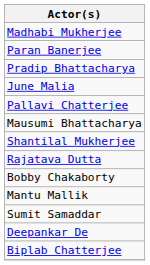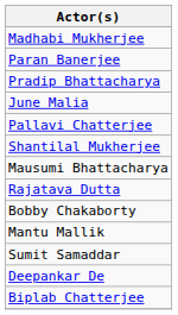 <table class="wikitable sortable">
 <tr>
 <th>Actor(s)</th>
 </tr>
 <tr>
 <td><a href='#'>Madhabi Mukherjee</a></td>
 </tr>
 <tr>
 <td><a href='#'>Paran Banerjee</a></td>
 </tr>
 <tr>
 <td><a href='#'>Pradip Bhattacharya</a></td>
 </tr>
 <tr>
 <td><a href='#'>June Malia</a></td>
 </tr>
 <tr>
 <td><a href='#'>Pallavi Chatterjee</a></td>
 </tr>
 <tr>
-<td>Mausumi Bhattacharya</td>
+<td><a href='#'>Shantilal Mukherjee</a></td>
 </tr>
 <tr>
-<td><a href='#'>Shantilal Mukherjee</a></td>
+<td>Mausumi Bhattacharya</td>
 </tr>
 <tr>
 <td><a href='#'>Rajatava Dutta</a></td>
 </tr>
 <tr>
 <td>Bobby Chakaborty</td>
 </tr>
 <tr>
 <td>Mantu Mallik</td>
 </tr>
 <tr>
 <td>Sumit Samaddar</td>
 </tr>
 <tr>
 <td><a href='#'>Deepankar De</a></td>
 </tr>
 <tr>
 <td><a href='#'>Biplab Chatterjee</a></td>
 </tr>
 <tr>
 </tr>
 </table>
